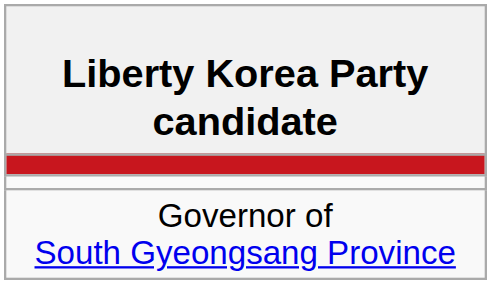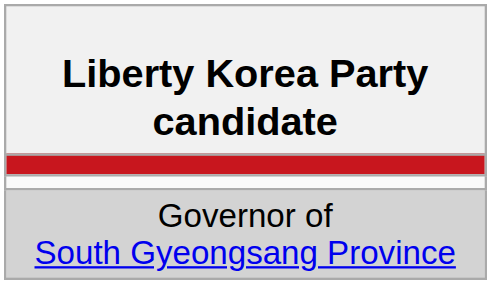 <table class="wikitable" style="font-size:90%; text-align:center;">
 <tr>
 <td style="background:#f1f1f1;" colspan="30"><br><big><strong>Liberty Korea Party candidate</strong></big></td>
 </tr>
 <tr>
 <th style=" font-size:135%; background:#C8161E; width:200px;"><a href='#'></a></th>
 </tr>
 <tr>
 <td></td>
 </tr>
 <tr>
-<td>Governor of<br><a href='#'>South Gyeongsang Province</a><br></td>
+<td style="background: lightgrey;">Governor of<br><a href='#'>South Gyeongsang Province</a><br></td>
 </tr>
 </table>
